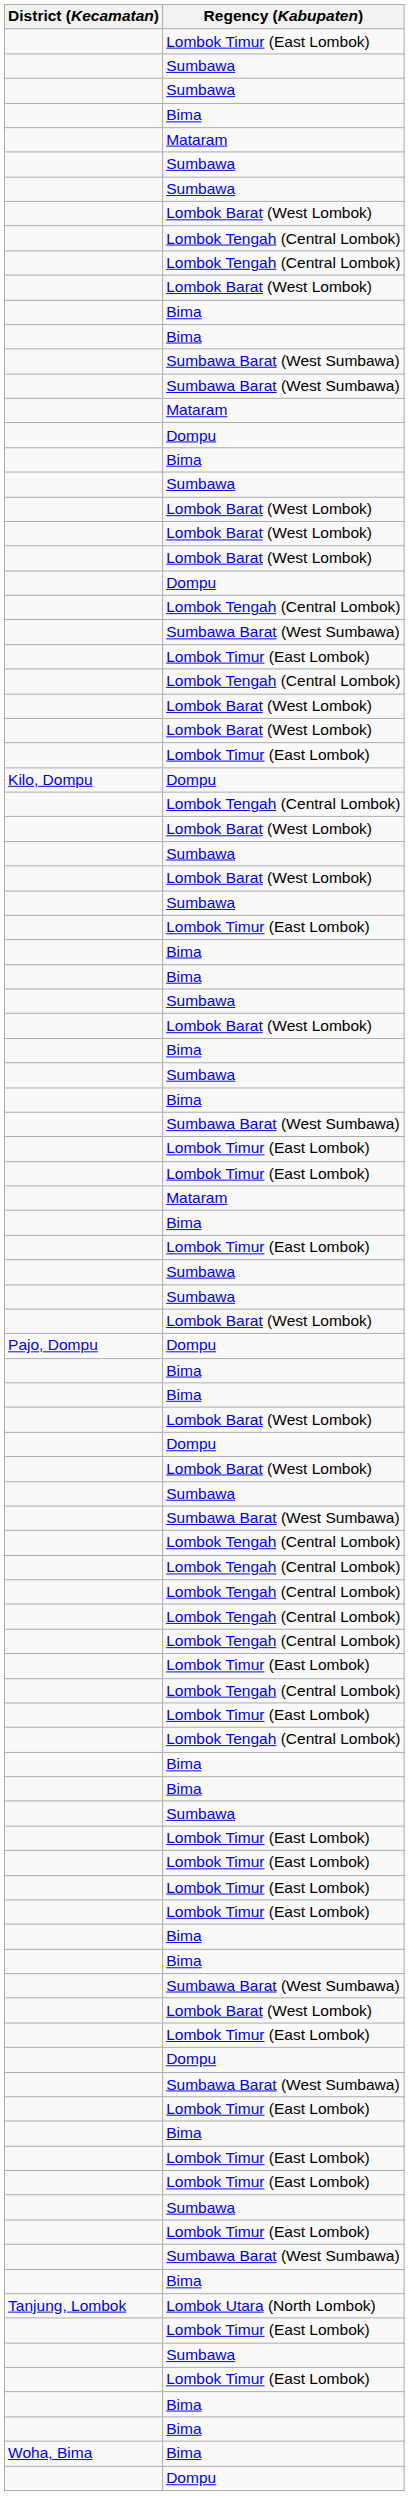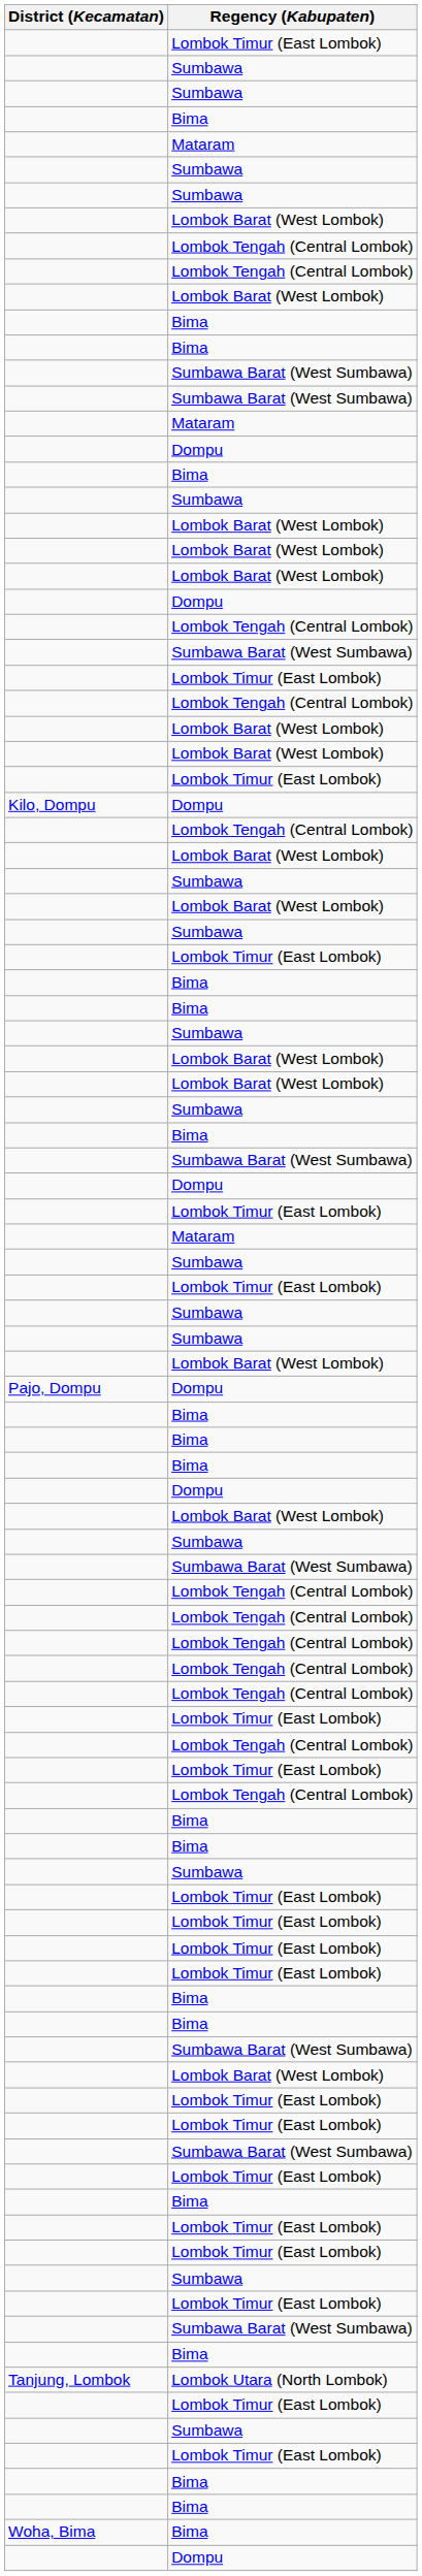 <table class="wikitable sortable">
 <tr>
 <th>District (<em>Kecamatan</em>)</th>
 <th>Regency (<em>Kabupaten</em>)</th>
 </tr>
 <tr>
 <td></td>
 <td><a href='#'>Lombok Timur</a> (East Lombok)</td>
 </tr>
 <tr>
 <td></td>
 <td><a href='#'>Sumbawa</a></td>
 </tr>
 <tr>
 <td></td>
 <td><a href='#'>Sumbawa</a></td>
 </tr>
 <tr>
 <td></td>
 <td><a href='#'>Bima</a></td>
 </tr>
 <tr>
 <td></td>
 <td><a href='#'>Mataram</a></td>
 </tr>
 <tr>
 <td></td>
 <td><a href='#'>Sumbawa</a></td>
 </tr>
 <tr>
 <td></td>
 <td><a href='#'>Sumbawa</a></td>
 </tr>
 <tr>
 <td></td>
 <td><a href='#'>Lombok Barat</a> (West Lombok)</td>
 </tr>
 <tr>
 <td></td>
 <td><a href='#'>Lombok Tengah</a> (Central Lombok)</td>
 </tr>
 <tr>
 <td></td>
 <td><a href='#'>Lombok Tengah</a> (Central Lombok)</td>
 </tr>
 <tr>
 <td></td>
 <td><a href='#'>Lombok Barat</a> (West Lombok)</td>
 </tr>
 <tr>
 <td></td>
 <td><a href='#'>Bima</a></td>
 </tr>
 <tr>
 <td></td>
 <td><a href='#'>Bima</a></td>
 </tr>
 <tr>
 <td></td>
 <td><a href='#'>Sumbawa Barat</a> (West Sumbawa)</td>
 </tr>
 <tr>
 <td></td>
 <td><a href='#'>Sumbawa Barat</a> (West Sumbawa)</td>
 </tr>
 <tr>
 <td></td>
 <td><a href='#'>Mataram</a></td>
 </tr>
 <tr>
 <td></td>
 <td><a href='#'>Dompu</a></td>
 </tr>
 <tr>
 <td></td>
 <td><a href='#'>Bima</a></td>
 </tr>
 <tr>
 <td></td>
 <td><a href='#'>Sumbawa</a></td>
 </tr>
 <tr>
 <td></td>
 <td><a href='#'>Lombok Barat</a> (West Lombok)</td>
 </tr>
 <tr>
 <td></td>
 <td><a href='#'>Lombok Barat</a> (West Lombok)</td>
 </tr>
 <tr>
 <td></td>
 <td><a href='#'>Lombok Barat</a> (West Lombok)</td>
 </tr>
 <tr>
 <td></td>
 <td><a href='#'>Dompu</a></td>
 </tr>
 <tr>
 <td></td>
 <td><a href='#'>Lombok Tengah</a> (Central Lombok)</td>
 </tr>
 <tr>
 <td></td>
 <td><a href='#'>Sumbawa Barat</a> (West Sumbawa)</td>
 </tr>
 <tr>
 <td></td>
 <td><a href='#'>Lombok Timur</a> (East Lombok)</td>
 </tr>
 <tr>
 <td></td>
 <td><a href='#'>Lombok Tengah</a> (Central Lombok)</td>
 </tr>
 <tr>
 <td></td>
 <td><a href='#'>Lombok Barat</a> (West Lombok)</td>
 </tr>
 <tr>
 <td></td>
 <td><a href='#'>Lombok Barat</a> (West Lombok)</td>
 </tr>
 <tr>
 <td></td>
 <td><a href='#'>Lombok Timur</a> (East Lombok)</td>
 </tr>
 <tr>
 <td><a href='#'>Kilo, Dompu</a></td>
 <td><a href='#'>Dompu</a></td>
 </tr>
 <tr>
 <td></td>
 <td><a href='#'>Lombok Tengah</a> (Central Lombok)</td>
 </tr>
 <tr>
 <td></td>
 <td><a href='#'>Lombok Barat</a> (West Lombok)</td>
 </tr>
 <tr>
 <td></td>
 <td><a href='#'>Sumbawa</a></td>
 </tr>
 <tr>
 <td></td>
 <td><a href='#'>Lombok Barat</a> (West Lombok)</td>
 </tr>
 <tr>
 <td></td>
 <td><a href='#'>Sumbawa</a></td>
 </tr>
 <tr>
 <td></td>
 <td><a href='#'>Lombok Timur</a> (East Lombok)</td>
 </tr>
 <tr>
 <td></td>
 <td><a href='#'>Bima</a></td>
 </tr>
 <tr>
 <td></td>
 <td><a href='#'>Bima</a></td>
 </tr>
 <tr>
 <td></td>
 <td><a href='#'>Sumbawa</a></td>
 </tr>
 <tr>
 <td></td>
 <td><a href='#'>Lombok Barat</a> (West Lombok)</td>
 </tr>
 <tr>
 <td></td>
-<td><a href='#'>Bima</a></td>
+<td><a href='#'>Lombok Barat</a> (West Lombok)</td>
 </tr>
 <tr>
 <td></td>
 <td><a href='#'>Sumbawa</a></td>
 </tr>
 <tr>
 <td></td>
 <td><a href='#'>Bima</a></td>
 </tr>
 <tr>
 <td></td>
 <td><a href='#'>Sumbawa Barat</a> (West Sumbawa)</td>
 </tr>
 <tr>
 <td></td>
-<td><a href='#'>Lombok Timur</a> (East Lombok)</td>
+<td><a href='#'>Dompu</a></td>
 </tr>
 <tr>
 <td></td>
 <td><a href='#'>Lombok Timur</a> (East Lombok)</td>
 </tr>
 <tr>
 <td></td>
 <td><a href='#'>Mataram</a></td>
 </tr>
 <tr>
 <td></td>
-<td><a href='#'>Bima</a></td>
+<td><a href='#'>Sumbawa</a></td>
 </tr>
 <tr>
 <td></td>
 <td><a href='#'>Lombok Timur</a> (East Lombok)</td>
 </tr>
 <tr>
 <td></td>
 <td><a href='#'>Sumbawa</a></td>
 </tr>
 <tr>
 <td></td>
 <td><a href='#'>Sumbawa</a></td>
 </tr>
 <tr>
 <td></td>
 <td><a href='#'>Lombok Barat</a> (West Lombok)</td>
 </tr>
 <tr>
 <td><a href='#'>Pajo, Dompu</a></td>
 <td><a href='#'>Dompu</a></td>
 </tr>
 <tr>
 <td></td>
 <td><a href='#'>Bima</a></td>
 </tr>
 <tr>
 <td></td>
 <td><a href='#'>Bima</a></td>
 </tr>
 <tr>
 <td></td>
-<td><a href='#'>Lombok Barat</a> (West Lombok)</td>
+<td><a href='#'>Bima</a></td>
 </tr>
 <tr>
 <td></td>
 <td><a href='#'>Dompu</a></td>
 </tr>
 <tr>
 <td></td>
 <td><a href='#'>Lombok Barat</a> (West Lombok)</td>
 </tr>
 <tr>
 <td></td>
 <td><a href='#'>Sumbawa</a></td>
 </tr>
 <tr>
 <td></td>
 <td><a href='#'>Sumbawa Barat</a> (West Sumbawa)</td>
 </tr>
 <tr>
 <td></td>
 <td><a href='#'>Lombok Tengah</a> (Central Lombok)</td>
 </tr>
 <tr>
 <td></td>
 <td><a href='#'>Lombok Tengah</a> (Central Lombok)</td>
 </tr>
 <tr>
 <td></td>
 <td><a href='#'>Lombok Tengah</a> (Central Lombok)</td>
 </tr>
 <tr>
 <td></td>
 <td><a href='#'>Lombok Tengah</a> (Central Lombok)</td>
 </tr>
 <tr>
 <td></td>
 <td><a href='#'>Lombok Tengah</a> (Central Lombok)</td>
 </tr>
 <tr>
 <td></td>
 <td><a href='#'>Lombok Timur</a> (East Lombok)</td>
 </tr>
 <tr>
 <td></td>
 <td><a href='#'>Lombok Tengah</a> (Central Lombok)</td>
 </tr>
 <tr>
 <td></td>
 <td><a href='#'>Lombok Timur</a> (East Lombok)</td>
 </tr>
 <tr>
 <td></td>
 <td><a href='#'>Lombok Tengah</a> (Central Lombok)</td>
 </tr>
 <tr>
 <td></td>
 <td><a href='#'>Bima</a></td>
 </tr>
 <tr>
 <td></td>
 <td><a href='#'>Bima</a></td>
 </tr>
 <tr>
 <td></td>
 <td><a href='#'>Sumbawa</a></td>
 </tr>
 <tr>
 <td></td>
 <td><a href='#'>Lombok Timur</a> (East Lombok)</td>
 </tr>
 <tr>
 <td></td>
 <td><a href='#'>Lombok Timur</a> (East Lombok)</td>
 </tr>
 <tr>
 <td></td>
 <td><a href='#'>Lombok Timur</a> (East Lombok)</td>
 </tr>
 <tr>
 <td></td>
 <td><a href='#'>Lombok Timur</a> (East Lombok)</td>
 </tr>
 <tr>
 <td></td>
 <td><a href='#'>Bima</a></td>
 </tr>
 <tr>
 <td></td>
 <td><a href='#'>Bima</a></td>
 </tr>
 <tr>
 <td></td>
 <td><a href='#'>Sumbawa Barat</a> (West Sumbawa)</td>
 </tr>
 <tr>
 <td></td>
 <td><a href='#'>Lombok Barat</a> (West Lombok)</td>
 </tr>
 <tr>
 <td></td>
 <td><a href='#'>Lombok Timur</a> (East Lombok)</td>
 </tr>
 <tr>
 <td></td>
-<td><a href='#'>Dompu</a></td>
+<td><a href='#'>Lombok Timur</a> (East Lombok)</td>
 </tr>
 <tr>
 <td></td>
 <td><a href='#'>Sumbawa Barat</a> (West Sumbawa)</td>
 </tr>
 <tr>
 <td></td>
 <td><a href='#'>Lombok Timur</a> (East Lombok)</td>
 </tr>
 <tr>
 <td></td>
 <td><a href='#'>Bima</a></td>
 </tr>
 <tr>
 <td></td>
 <td><a href='#'>Lombok Timur</a> (East Lombok)</td>
 </tr>
 <tr>
 <td></td>
 <td><a href='#'>Lombok Timur</a> (East Lombok)</td>
 </tr>
 <tr>
 <td></td>
 <td><a href='#'>Sumbawa</a></td>
 </tr>
 <tr>
 <td></td>
 <td><a href='#'>Lombok Timur</a> (East Lombok)</td>
 </tr>
 <tr>
 <td></td>
 <td><a href='#'>Sumbawa Barat</a> (West Sumbawa)</td>
 </tr>
 <tr>
 <td></td>
 <td><a href='#'>Bima</a></td>
 </tr>
 <tr>
 <td><a href='#'>Tanjung, Lombok</a></td>
 <td><a href='#'>Lombok Utara</a> (North Lombok)</td>
 </tr>
 <tr>
 <td></td>
 <td><a href='#'>Lombok Timur</a> (East Lombok)</td>
 </tr>
 <tr>
 <td></td>
 <td><a href='#'>Sumbawa</a></td>
 </tr>
 <tr>
 <td></td>
 <td><a href='#'>Lombok Timur</a> (East Lombok)</td>
 </tr>
 <tr>
 <td></td>
 <td><a href='#'>Bima</a></td>
 </tr>
 <tr>
 <td></td>
 <td><a href='#'>Bima</a></td>
 </tr>
 <tr>
 <td><a href='#'>Woha, Bima</a></td>
 <td><a href='#'>Bima</a></td>
 </tr>
 <tr>
 <td></td>
 <td><a href='#'>Dompu</a></td>
 </tr>
 </table>
